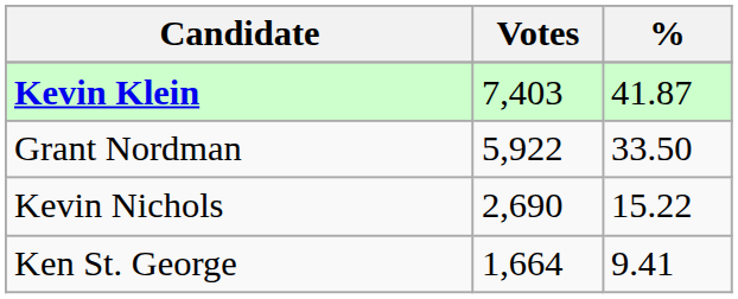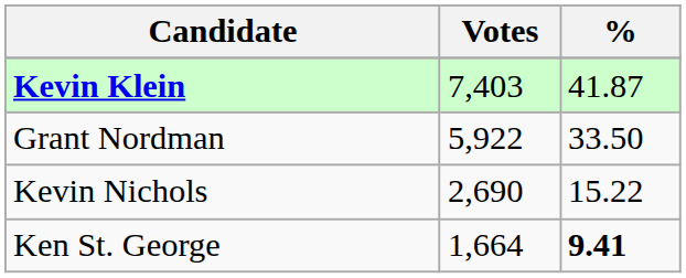 <table class="wikitable sortable">
 <tr>
 <th width="200px">Candidate</th>
 <th width="50px">Votes</th>
 <th width="50px">%</th>
 </tr>
 <tr>
 </tr>
 <tr style="text-align:left; background:#cfc;">
 <td><strong><a href='#'>Kevin Klein</a></strong></td>
 <td>7,403</td>
 <td>41.87</td>
 </tr>
 <tr>
 <td>Grant Nordman</td>
 <td>5,922</td>
 <td>33.50</td>
 </tr>
 <tr>
 <td>Kevin Nichols</td>
 <td>2,690</td>
 <td>15.22</td>
 </tr>
 <tr>
 <td>Ken St. George</td>
 <td>1,664</td>
-<td>9.41</td>
+<td><strong>9.41</strong></td>
 </tr>
 </table>
